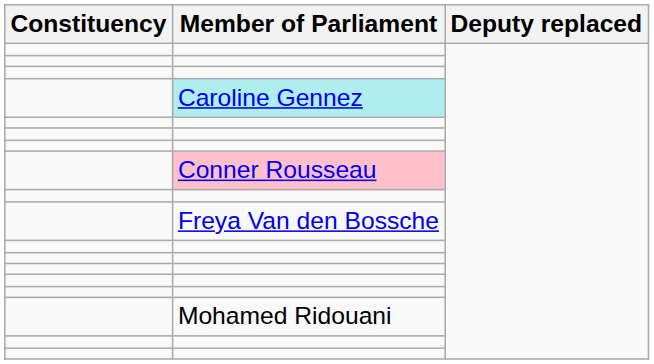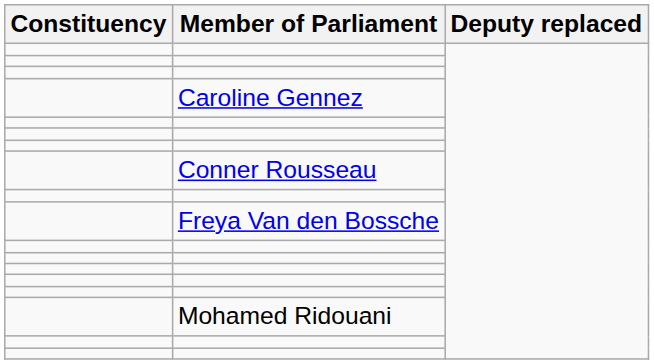 <table class="wikitable">
 <tr>
 <th>Constituency</th>
 <th>Member of Parliament</th>
 <th>Deputy replaced</th>
 </tr>
 <tr>
 <td></td>
 <td></td>
 <td rowspan="18"></td>
 </tr>
 <tr>
 <td></td>
 <td></td>
 </tr>
 <tr>
 <td></td>
 <td></td>
 </tr>
 <tr>
 <td></td>
-<td style="background: paleturquoise;"><a href='#'>Caroline Gennez</a></td>
+<td><a href='#'>Caroline Gennez</a></td>
 </tr>
 <tr>
 <td></td>
 <td></td>
 </tr>
 <tr>
 <td></td>
 <td></td>
 </tr>
 <tr>
 <td></td>
 <td></td>
 </tr>
 <tr>
 <td></td>
-<td style="background: pink;"><a href='#'>Conner Rousseau</a></td>
+<td><a href='#'>Conner Rousseau</a></td>
 </tr>
 <tr>
 <td></td>
 <td></td>
 </tr>
 <tr>
 <td></td>
 <td><a href='#'>Freya Van den Bossche</a></td>
 </tr>
 <tr>
 <td></td>
 <td></td>
 </tr>
 <tr>
 <td></td>
 <td></td>
 </tr>
 <tr>
 <td></td>
 <td></td>
 </tr>
 <tr>
 <td></td>
 <td></td>
 </tr>
 <tr>
 <td></td>
 <td></td>
 </tr>
 <tr>
 <td></td>
 <td>Mohamed Ridouani</td>
 </tr>
 <tr>
 <td></td>
 <td></td>
 </tr>
 <tr>
 <td></td>
 <td></td>
 </tr>
 </table>
